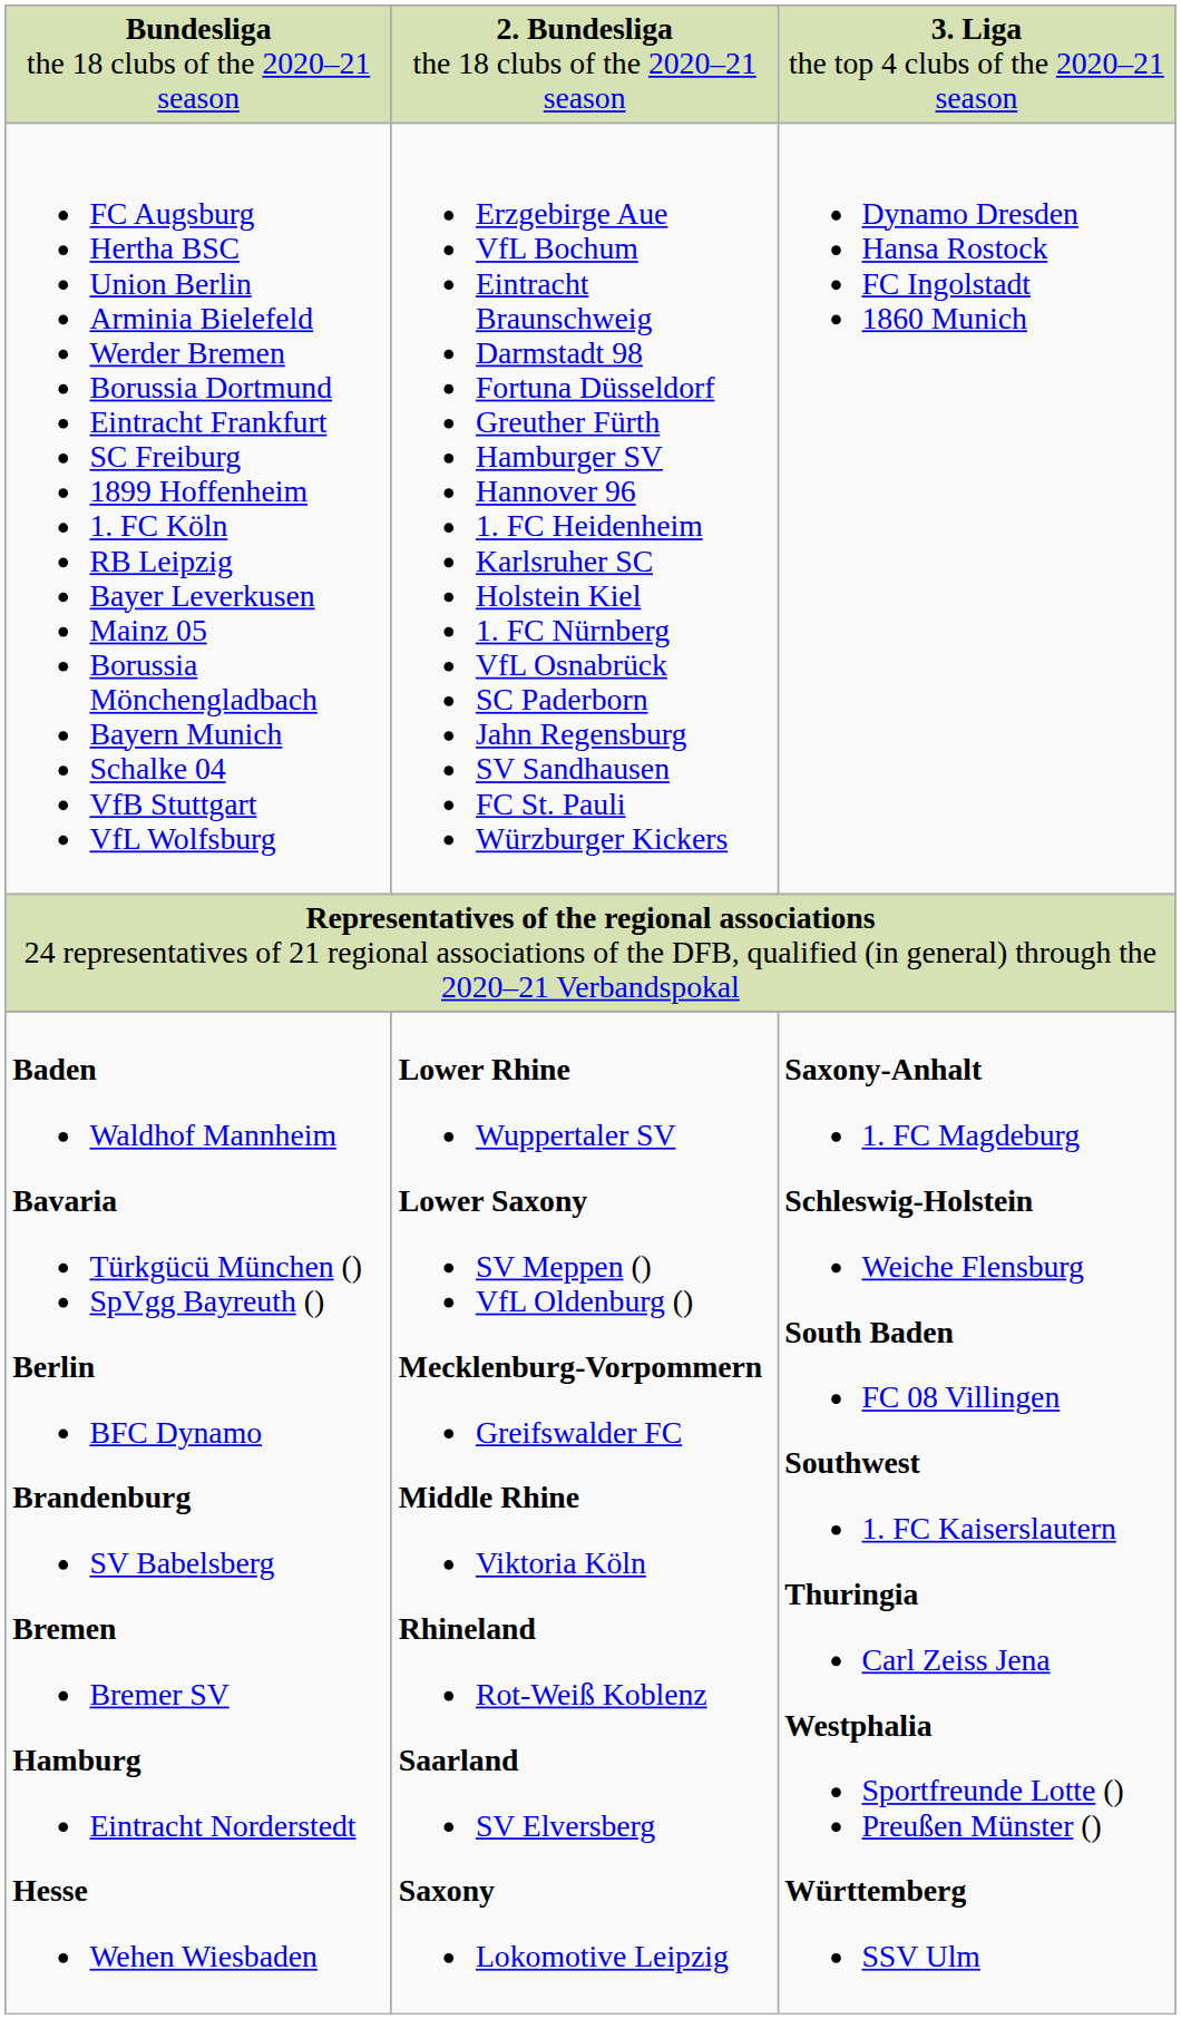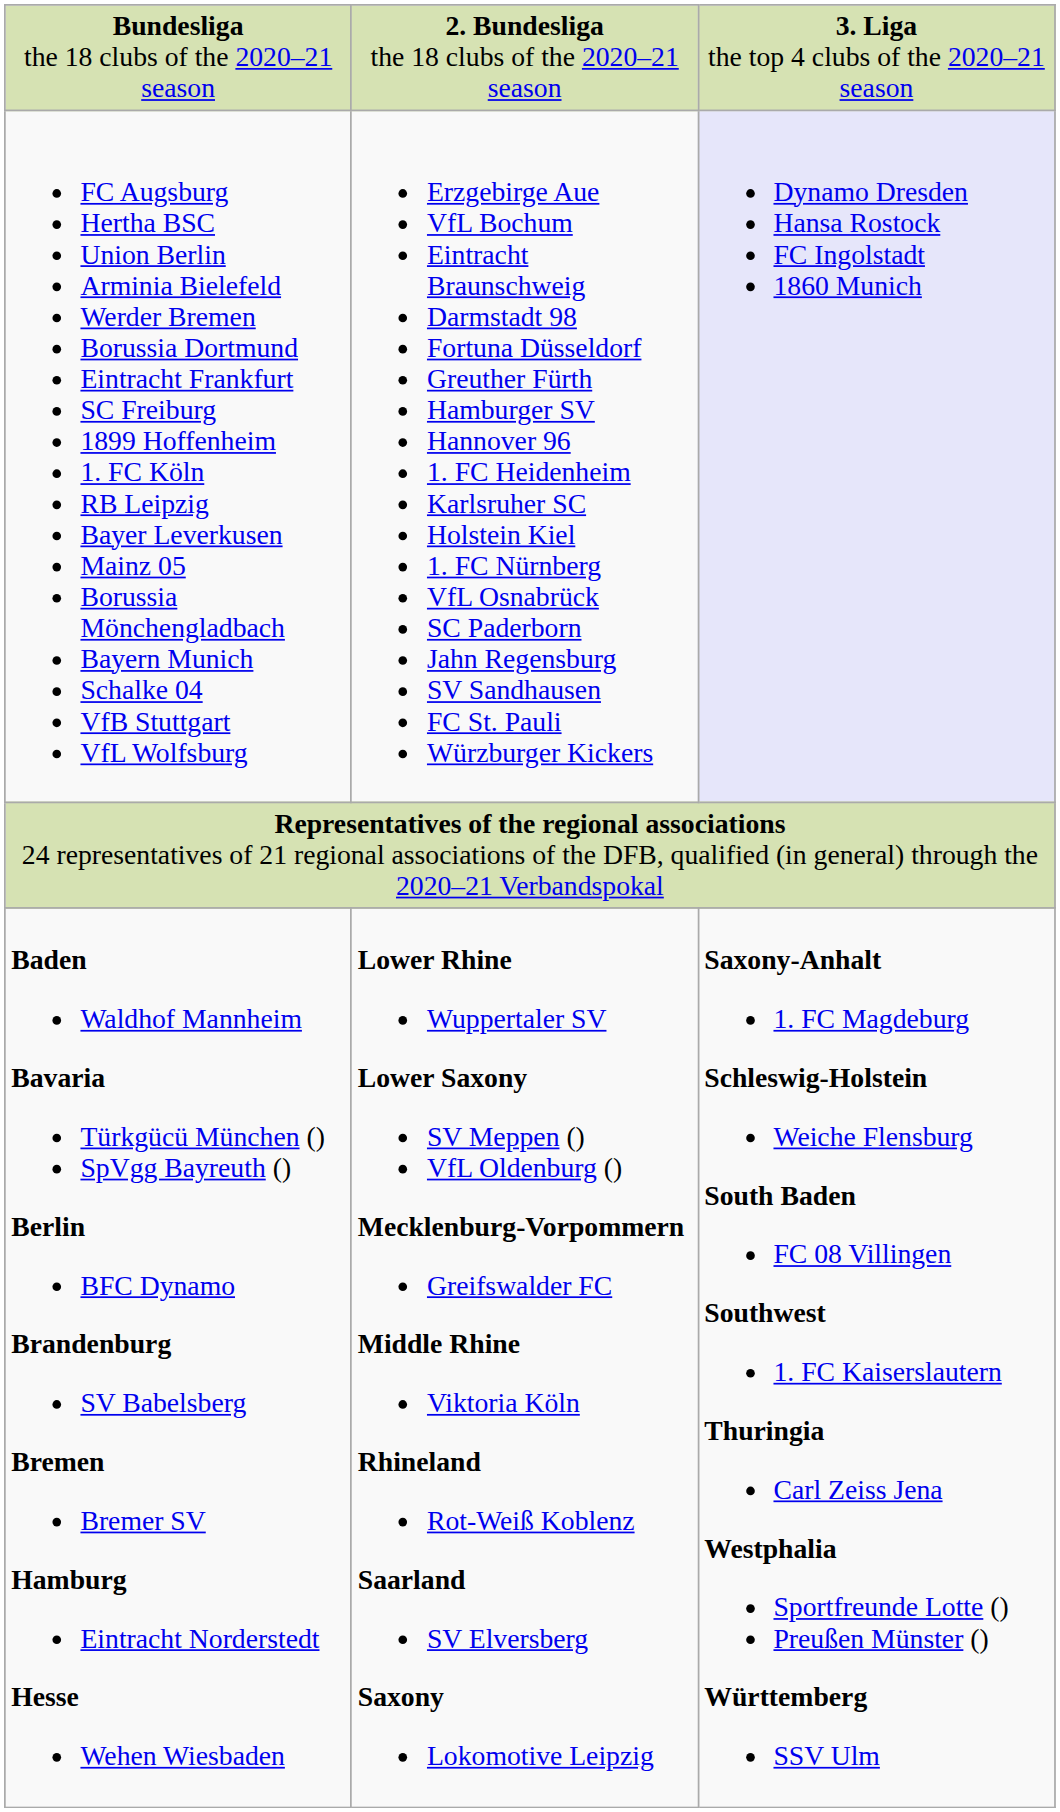 <table class="wikitable">
 <tr style="background:#D6E2B3; text-align:center; vertical-align:top;">
 <td style="width:33%"><strong>Bundesliga</strong><br>the 18 clubs of the <a href='#'>2020–21 season</a></td>
 <td style="width:33%"><strong>2. Bundesliga</strong><br>the 18 clubs of the <a href='#'>2020–21 season</a></td>
 <td style="width:34%"><strong>3. Liga</strong><br>the top 4 clubs of the <a href='#'>2020–21 season</a></td>
 </tr>
 <tr style="vertical-align:top">
 <td><br><ul><li><a href='#'>FC Augsburg</a></li><li><a href='#'>Hertha BSC</a></li><li><a href='#'>Union Berlin</a></li><li><a href='#'>Arminia Bielefeld</a></li><li><a href='#'>Werder Bremen</a></li><li><a href='#'>Borussia Dortmund</a></li><li><a href='#'>Eintracht Frankfurt</a></li><li><a href='#'>SC Freiburg</a></li><li><a href='#'>1899 Hoffenheim</a></li><li><a href='#'>1. FC Köln</a></li><li><a href='#'>RB Leipzig</a></li><li><a href='#'>Bayer Leverkusen</a></li><li><a href='#'>Mainz 05</a></li><li><a href='#'>Borussia Mönchengladbach</a></li><li><a href='#'>Bayern Munich</a></li><li><a href='#'>Schalke 04</a></li><li><a href='#'>VfB Stuttgart</a></li><li><a href='#'>VfL Wolfsburg</a></li></ul></td>
 <td><br><ul><li><a href='#'>Erzgebirge Aue</a></li><li><a href='#'>VfL Bochum</a></li><li><a href='#'>Eintracht Braunschweig</a></li><li><a href='#'>Darmstadt 98</a></li><li><a href='#'>Fortuna Düsseldorf</a></li><li><a href='#'>Greuther Fürth</a></li><li><a href='#'>Hamburger SV</a></li><li><a href='#'>Hannover 96</a></li><li><a href='#'>1. FC Heidenheim</a></li><li><a href='#'>Karlsruher SC</a></li><li><a href='#'>Holstein Kiel</a></li><li><a href='#'>1. FC Nürnberg</a></li><li><a href='#'>VfL Osnabrück</a></li><li><a href='#'>SC Paderborn</a></li><li><a href='#'>Jahn Regensburg</a></li><li><a href='#'>SV Sandhausen</a></li><li><a href='#'>FC St. Pauli</a></li><li><a href='#'>Würzburger Kickers</a></li></ul></td>
-<td><br><ul><li><a href='#'>Dynamo Dresden</a></li><li><a href='#'>Hansa Rostock</a></li><li><a href='#'>FC Ingolstadt</a></li><li><a href='#'>1860 Munich</a></li></ul></td>
+<td style="background: lavender;"><br><ul><li><a href='#'>Dynamo Dresden</a></li><li><a href='#'>Hansa Rostock</a></li><li><a href='#'>FC Ingolstadt</a></li><li><a href='#'>1860 Munich</a></li></ul></td>
 </tr>
 <tr style="background:#D6E2B3; text-align:center;">
 <td colspan="3"><strong>Representatives of the regional associations</strong><br>24 representatives of 21 regional associations of the DFB, qualified (in general) through the <a href='#'>2020–21 Verbandspokal</a></td>
 </tr>
 <tr style="vertical-align:top">
 <td><br><strong>Baden</strong><ul><li><a href='#'>Waldhof Mannheim</a></li></ul><strong>Bavaria</strong><ul><li><a href='#'>Türkgücü München</a> ()</li><li><a href='#'>SpVgg Bayreuth</a> ()</li></ul><strong>Berlin</strong><ul><li><a href='#'>BFC Dynamo</a></li></ul><strong>Brandenburg</strong><ul><li><a href='#'>SV Babelsberg</a></li></ul><strong>Bremen</strong><ul><li><a href='#'>Bremer SV</a></li></ul><strong>Hamburg</strong><ul><li><a href='#'>Eintracht Norderstedt</a></li></ul><strong>Hesse</strong><ul><li><a href='#'>Wehen Wiesbaden</a></li></ul></td>
 <td><br><strong>Lower Rhine</strong><ul><li><a href='#'>Wuppertaler SV</a></li></ul><strong>Lower Saxony</strong><ul><li><a href='#'>SV Meppen</a> ()</li><li><a href='#'>VfL Oldenburg</a> ()</li></ul><strong>Mecklenburg-Vorpommern</strong><ul><li><a href='#'>Greifswalder FC</a></li></ul><strong>Middle Rhine</strong><ul><li><a href='#'>Viktoria Köln</a></li></ul><strong>Rhineland</strong><ul><li><a href='#'>Rot-Weiß Koblenz</a></li></ul><strong>Saarland</strong><ul><li><a href='#'>SV Elversberg</a></li></ul><strong>Saxony</strong><ul><li><a href='#'>Lokomotive Leipzig</a></li></ul></td>
 <td><br><strong>Saxony-Anhalt</strong><ul><li><a href='#'>1. FC Magdeburg</a></li></ul><strong>Schleswig-Holstein</strong><ul><li><a href='#'>Weiche Flensburg</a></li></ul><strong>South Baden</strong><ul><li><a href='#'>FC 08 Villingen</a></li></ul><strong>Southwest</strong><ul><li><a href='#'>1. FC Kaiserslautern</a></li></ul><strong>Thuringia</strong><ul><li><a href='#'>Carl Zeiss Jena</a></li></ul><strong>Westphalia</strong><ul><li><a href='#'>Sportfreunde Lotte</a> ()</li><li><a href='#'>Preußen Münster</a> ()</li></ul><strong>Württemberg</strong><ul><li><a href='#'>SSV Ulm</a></li></ul></td>
 </tr>
 </table>
